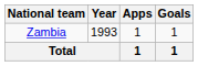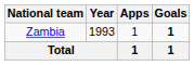 <table class="wikitable" style="text-align: center;">
 <tr>
 <th>National team</th>
 <th>Year</th>
 <th>Apps</th>
 <th>Goals</th>
 </tr>
 <tr>
 <td><a href='#'>Zambia</a></td>
 <td>1993</td>
 <td>1</td>
-<td>1</td>
+<td><strong>1</strong></td>
 </tr>
 <tr>
 <th colspan="2">Total</th>
 <th>1</th>
 <th>1</th>
 </tr>
 </table>
